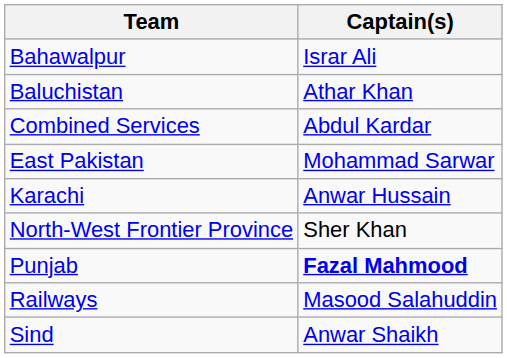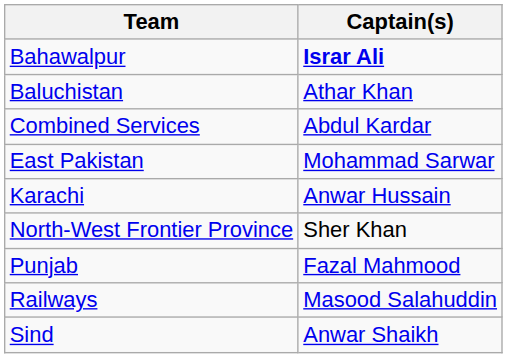 <table class="wikitable">
 <tr>
 <th>Team</th>
 <th>Captain(s)</th>
 </tr>
 <tr>
 <td><a href='#'>Bahawalpur</a></td>
-<td><a href='#'>Israr Ali</a></td>
+<td><strong><a href='#'>Israr Ali</a></strong></td>
 </tr>
 <tr>
 <td><a href='#'>Baluchistan</a></td>
 <td><a href='#'>Athar Khan</a></td>
 </tr>
 <tr>
 <td><a href='#'>Combined Services</a></td>
 <td><a href='#'>Abdul Kardar</a></td>
 </tr>
 <tr>
 <td><a href='#'>East Pakistan</a></td>
 <td><a href='#'>Mohammad Sarwar</a></td>
 </tr>
 <tr>
 <td><a href='#'>Karachi</a></td>
 <td><a href='#'>Anwar Hussain</a></td>
 </tr>
 <tr>
 <td><a href='#'>North-West Frontier Province</a></td>
 <td>Sher Khan</td>
 </tr>
 <tr>
 <td><a href='#'>Punjab</a></td>
-<td><strong><a href='#'>Fazal Mahmood</a></strong></td>
+<td><a href='#'>Fazal Mahmood</a></td>
 </tr>
 <tr>
 <td><a href='#'>Railways</a></td>
 <td><a href='#'>Masood Salahuddin</a></td>
 </tr>
 <tr>
 <td><a href='#'>Sind</a></td>
 <td><a href='#'>Anwar Shaikh</a></td>
 </tr>
 </table>
